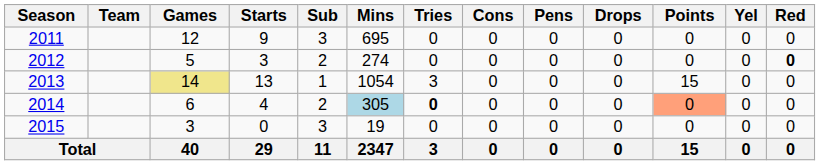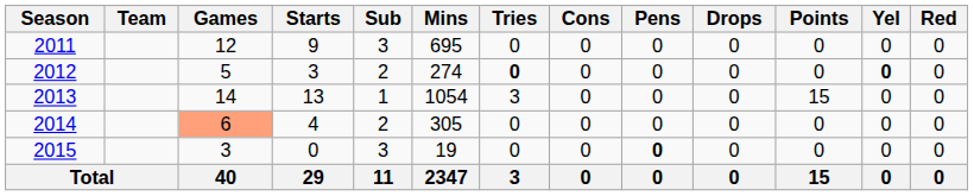 <table class="wikitable" style="text-align:center; line-height:90%; font-size:95%; width:60%;">
 <tr>
 <th>Season</th>
 <th>Team</th>
 <th>Games</th>
 <th>Starts</th>
 <th>Sub</th>
 <th>Mins</th>
 <th>Tries</th>
 <th>Cons</th>
 <th>Pens</th>
 <th>Drops</th>
 <th>Points</th>
 <th>Yel</th>
 <th>Red</th>
 </tr>
 <tr>
 <td><a href='#'>2011</a></td>
 <td></td>
 <td>12</td>
 <td>9</td>
 <td>3</td>
 <td>695</td>
 <td>0</td>
 <td>0</td>
 <td>0</td>
 <td>0</td>
 <td>0</td>
 <td>0</td>
 <td>0</td>
 </tr>
 <tr>
 <td><a href='#'>2012</a></td>
 <td></td>
 <td>5</td>
 <td>3</td>
 <td>2</td>
 <td>274</td>
-<td>0</td>
-<td>0</td>
+<td><strong>0</strong></td>
 <td>0</td>
 <td>0</td>
 <td>0</td>
 <td>0</td>
 <td><strong>0</strong></td>
+<td>0</td>
 </tr>
 <tr>
 <td><a href='#'>2013</a></td>
 <td></td>
-<td style="background: khaki;">14</td>
+<td>14</td>
 <td>13</td>
 <td>1</td>
 <td>1054</td>
 <td>3</td>
 <td>0</td>
 <td>0</td>
 <td>0</td>
 <td>15</td>
 <td>0</td>
 <td>0</td>
 </tr>
 <tr>
 <td><a href='#'>2014</a></td>
 <td></td>
-<td>6</td>
+<td style="background: lightsalmon;">6</td>
 <td>4</td>
 <td>2</td>
-<td style="background: lightblue;">305</td>
-<td><strong>0</strong></td>
+<td>305</td>
 <td>0</td>
 <td>0</td>
 <td>0</td>
-<td style="background: lightsalmon;">0</td>
+<td>0</td>
+<td>0</td>
 <td>0</td>
 <td>0</td>
 </tr>
 <tr>
 <td><a href='#'>2015</a></td>
 <td></td>
 <td>3</td>
 <td>0</td>
 <td>3</td>
 <td>19</td>
 <td>0</td>
 <td>0</td>
-<td>0</td>
+<td><strong>0</strong></td>
 <td>0</td>
 <td>0</td>
 <td>0</td>
 <td>0</td>
 </tr>
 <tr>
 <th colspan="2">Total</th>
 <th>40</th>
 <th>29</th>
 <th>11</th>
 <th>2347</th>
 <th>3</th>
 <th>0</th>
 <th>0</th>
 <th>0</th>
 <th>15</th>
 <th>0</th>
 <th>0</th>
 </tr>
 </table>
